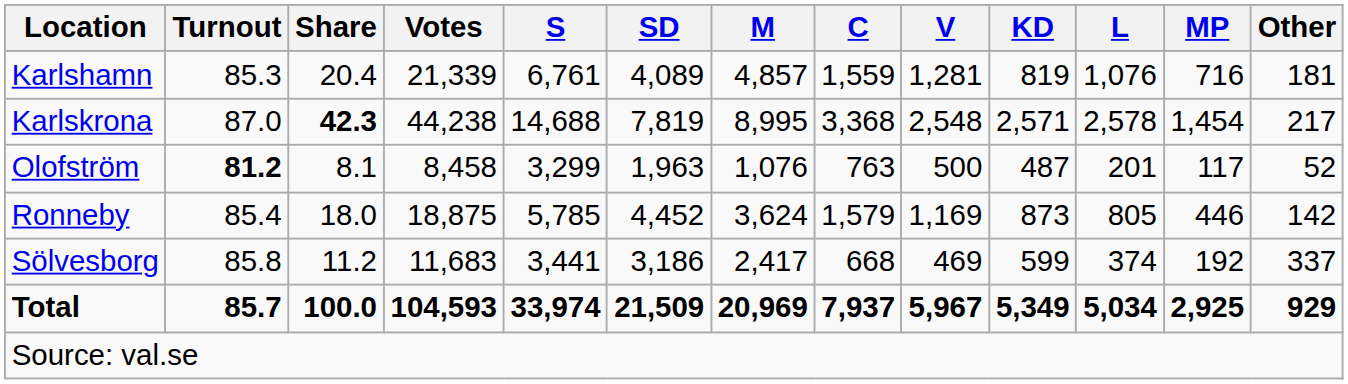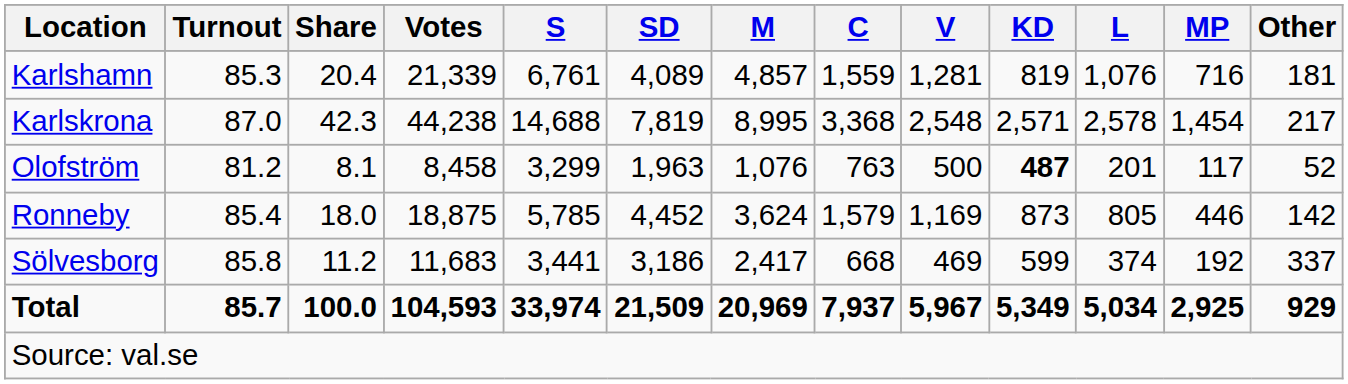 <table class="wikitable sortable" style=text-align:right>
 <tr>
 <th>Location</th>
 <th>Turnout</th>
 <th>Share</th>
 <th>Votes</th>
 <th><a href='#'>S</a></th>
 <th><a href='#'>SD</a></th>
 <th><a href='#'>M</a></th>
 <th><a href='#'>C</a></th>
 <th><a href='#'>V</a></th>
 <th><a href='#'>KD</a></th>
 <th><a href='#'>L</a></th>
 <th><a href='#'>MP</a></th>
 <th>Other</th>
 </tr>
 <tr>
 <td align=left><a href='#'>Karlshamn</a></td>
 <td>85.3</td>
 <td>20.4</td>
 <td>21,339</td>
 <td>6,761</td>
 <td>4,089</td>
 <td>4,857</td>
 <td>1,559</td>
 <td>1,281</td>
 <td>819</td>
 <td>1,076</td>
 <td>716</td>
 <td>181</td>
 </tr>
 <tr>
 <td align=left><a href='#'>Karlskrona</a></td>
 <td>87.0</td>
-<td><strong>42.3</strong></td>
+<td>42.3</td>
 <td>44,238</td>
 <td>14,688</td>
 <td>7,819</td>
 <td>8,995</td>
 <td>3,368</td>
 <td>2,548</td>
 <td>2,571</td>
 <td>2,578</td>
 <td>1,454</td>
 <td>217</td>
 </tr>
 <tr>
 <td align=left><a href='#'>Olofström</a></td>
-<td><strong>81.2</strong></td>
+<td>81.2</td>
 <td>8.1</td>
 <td>8,458</td>
 <td>3,299</td>
 <td>1,963</td>
 <td>1,076</td>
 <td>763</td>
 <td>500</td>
-<td>487</td>
+<td><strong>487</strong></td>
 <td>201</td>
 <td>117</td>
 <td>52</td>
 </tr>
 <tr>
 <td align=left><a href='#'>Ronneby</a></td>
 <td>85.4</td>
 <td>18.0</td>
 <td>18,875</td>
 <td>5,785</td>
 <td>4,452</td>
 <td>3,624</td>
 <td>1,579</td>
 <td>1,169</td>
 <td>873</td>
 <td>805</td>
 <td>446</td>
 <td>142</td>
 </tr>
 <tr>
 <td align=left><a href='#'>Sölvesborg</a></td>
 <td>85.8</td>
 <td>11.2</td>
 <td>11,683</td>
 <td>3,441</td>
 <td>3,186</td>
 <td>2,417</td>
 <td>668</td>
 <td>469</td>
 <td>599</td>
 <td>374</td>
 <td>192</td>
 <td>337</td>
 </tr>
 <tr>
 <td align=left><strong>Total</strong></td>
 <td><strong>85.7</strong></td>
 <td><strong>100.0</strong></td>
 <td><strong>104,593</strong></td>
 <td><strong>33,974</strong></td>
 <td><strong>21,509</strong></td>
 <td><strong>20,969</strong></td>
 <td><strong>7,937</strong></td>
 <td><strong>5,967</strong></td>
 <td><strong>5,349</strong></td>
 <td><strong>5,034</strong></td>
 <td><strong>2,925</strong></td>
 <td><strong>929</strong></td>
 </tr>
 <tr>
 <td align=left colspan=13>Source: val.se</td>
 </tr>
 </table>
